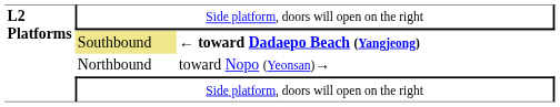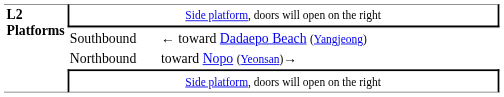 <table table border=0 cellspacing=0 cellpadding=3>
 <tr>
 <td style="border-top:solid 1px gray;border-bottom:solid 1px gray;" width=50 rowspan=10 valign=top><strong>L2<br>Platforms</strong></td>
 <td style="border-top:solid 1px gray;border-right:solid 2px black;border-left:solid 2px black;border-bottom:solid 2px black;text-align:center;" colspan=2><small><a href='#'>Side platform</a>, doors will open on the right</small></td>
 </tr>
 <tr>
-<td style="background: khaki; border-bottom:solid 0px gray;border-top:solid 1px gray;" width=100>Southbound</td>
-<td style="border-bottom:solid 0px gray;border-top:solid 1px gray;" width=390><strong>←  toward <a href='#'>Dadaepo Beach</a> <small>(<a href='#'>Yangjeong</a>)</small></strong></td>
+<td style="border-bottom:solid 0px gray;border-top:solid 1px gray;" width=100>Southbound</td>
+<td style="border-bottom:solid 0px gray;border-top:solid 1px gray;" width=390>←  toward <a href='#'>Dadaepo Beach</a> <small>(<a href='#'>Yangjeong</a>)</small></td>
 </tr>
 <tr>
 <td>Northbound</td>
 <td>  toward <a href='#'>Nopo</a> <small>(<a href='#'>Yeonsan</a>)</small>→</td>
 </tr>
 <tr>
 <td style="border-top:solid 2px black;border-right:solid 2px black;border-left:solid 2px black;border-bottom:solid 1px gray;text-align:center;" colspan=2><small><a href='#'>Side platform</a>, doors will open on the right</small></td>
 </tr>
 </table>
